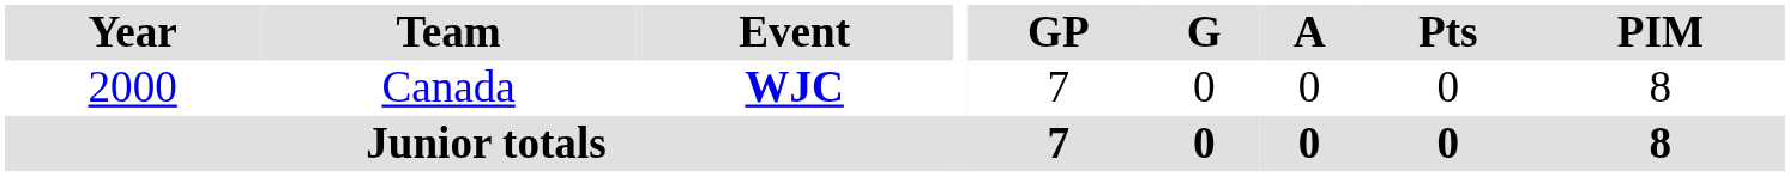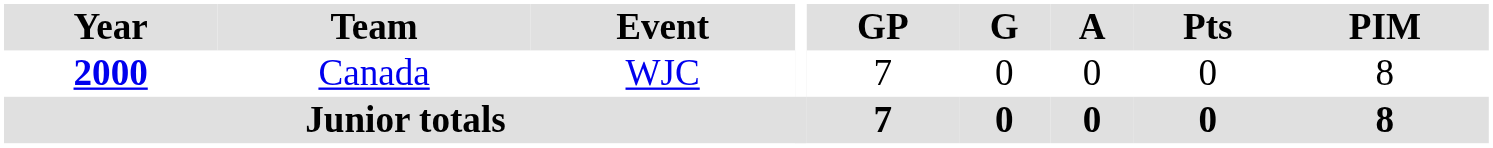 <table border="0" cellpadding="1" cellspacing="0" ID="Table3" style="text-align:center; width:40em">
 <tr bgcolor="#e0e0e0">
 <th>Year</th>
 <th>Team</th>
 <th>Event</th>
 <th rowspan="102" bgcolor="#ffffff"></th>
 <th>GP</th>
 <th>G</th>
 <th>A</th>
 <th>Pts</th>
 <th>PIM</th>
 </tr>
 <tr>
-<td><a href='#'>2000</a></td>
+<td><strong><a href='#'>2000</a></strong></td>
 <td><a href='#'>Canada</a></td>
-<td><strong><a href='#'>WJC</a></strong></td>
+<td><a href='#'>WJC</a></td>
 <td>7</td>
 <td>0</td>
 <td>0</td>
 <td>0</td>
 <td>8</td>
 </tr>
 <tr bgcolor="#e0e0e0">
 <th colspan=4>Junior totals</th>
 <th>7</th>
 <th>0</th>
 <th>0</th>
 <th>0</th>
 <th>8</th>
 </tr>
 </table>
